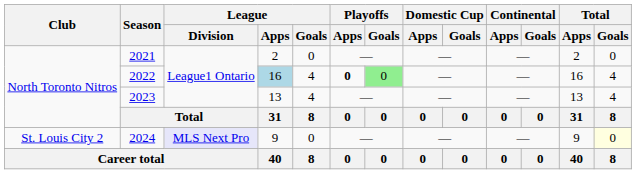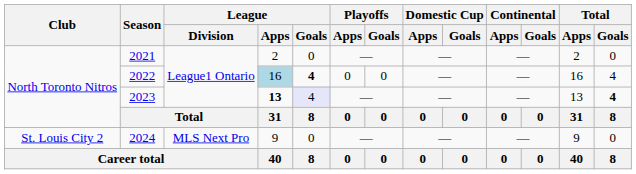 <table class="wikitable" style="text-align: center">
 <tr>
 <th rowspan="2">Club</th>
 <th rowspan="2">Season</th>
 <th colspan="3">League</th>
 <th colspan="2">Playoffs</th>
 <th colspan="2">Domestic Cup</th>
 <th colspan="2">Continental</th>
 <th colspan="2">Total</th>
 </tr>
 <tr>
 <th>Division</th>
 <th>Apps</th>
 <th>Goals</th>
 <th>Apps</th>
 <th>Goals</th>
 <th>Apps</th>
 <th>Goals</th>
 <th>Apps</th>
 <th>Goals</th>
 <th>Apps</th>
 <th>Goals</th>
 </tr>
 <tr>
 <td rowspan=4><a href='#'>North Toronto Nitros</a></td>
 <td><a href='#'>2021</a></td>
 <td rowspan=3><a href='#'>League1 Ontario</a></td>
 <td>2</td>
 <td>0</td>
 <td colspan="2">—</td>
 <td colspan="2">—</td>
 <td colspan="2">—</td>
 <td>2</td>
 <td>0</td>
 </tr>
 <tr>
 <td><a href='#'>2022</a></td>
 <td style="background: lightblue;">16</td>
-<td>4</td>
-<td><strong>0</strong></td>
-<td style="background: lightgreen;">0</td>
+<td><strong>4</strong></td>
+<td>0</td>
+<td>0</td>
 <td colspan="2">—</td>
 <td colspan="2">—</td>
 <td>16</td>
 <td>4</td>
 </tr>
 <tr>
 <td><a href='#'>2023</a></td>
-<td>13</td>
-<td>4</td>
+<td><strong>13</strong></td>
+<td style="background: lavender;">4</td>
 <td colspan="2">—</td>
 <td colspan="2">—</td>
 <td colspan="2">—</td>
 <td>13</td>
-<td>4</td>
+<td><strong>4</strong></td>
 </tr>
 <tr>
 <th colspan="2"><strong>Total</strong></th>
 <th>31</th>
 <th>8</th>
 <th>0</th>
 <th>0</th>
 <th>0</th>
 <th>0</th>
 <th>0</th>
 <th>0</th>
 <th>31</th>
 <th>8</th>
 </tr>
 <tr>
 <td><a href='#'>St. Louis City 2</a></td>
 <td><a href='#'>2024</a></td>
-<td style="background: lavender;"><a href='#'>MLS Next Pro</a></td>
+<td><a href='#'>MLS Next Pro</a></td>
 <td>9</td>
 <td>0</td>
 <td colspan="2">—</td>
 <td colspan="2">—</td>
 <td colspan="2">—</td>
 <td>9</td>
-<td style="background: lightyellow;">0</td>
+<td>0</td>
 </tr>
 <tr>
 <th colspan="3"><strong>Career total</strong></th>
 <th>40</th>
 <th>8</th>
 <th>0</th>
 <th>0</th>
 <th>0</th>
 <th>0</th>
 <th>0</th>
 <th>0</th>
 <th>40</th>
 <th>8</th>
 </tr>
 </table>
